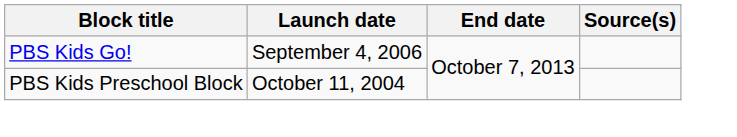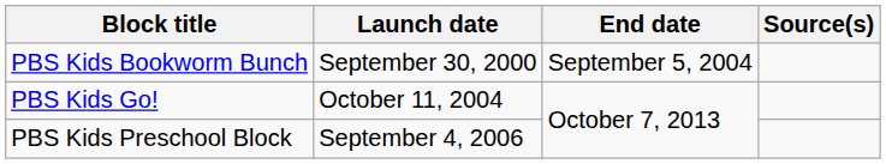 <table class="wikitable sortable">
 <tr>
 <th>Block title</th>
 <th>Launch date</th>
 <th>End date</th>
 <th>Source(s)</th>
 </tr>
 <tr>
+<td><a href='#'>PBS Kids Bookworm Bunch</a></td>
+<td>September 30, 2000</td>
+<td>September 5, 2004</td>
+<td></td>
+</tr>
+<tr>
 <td><a href='#'>PBS Kids Go!</a></td>
-<td>September 4, 2006</td>
+<td>October 11, 2004</td>
 <td rowspan=2>October 7, 2013</td>
 <td></td>
 </tr>
 <tr>
 <td>PBS Kids Preschool Block</td>
-<td>October 11, 2004</td>
+<td>September 4, 2006</td>
 <td></td>
 </tr>
 </table>
